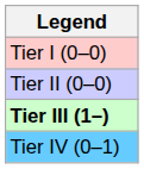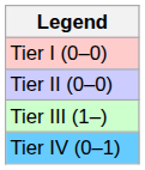 <table class="wikitable" style="font-size:90%;" width=11%>
 <tr bgcolor="#eeeeee">
 <th>Legend</th>
 </tr>
 <tr bgcolor="#ffcccc">
 <td>Tier I (0–0)</td>
 </tr>
 <tr bgcolor="#CCCCFF">
 <td>Tier II (0–0)</td>
 </tr>
 <tr bgcolor="#ccffcc">
-<td><strong>Tier III (1–)</strong></td>
+<td>Tier III (1–)</td>
 </tr>
 <tr bgcolor="#66ccff">
 <td>Tier IV (0–1)</td>
 </tr>
 </table>
